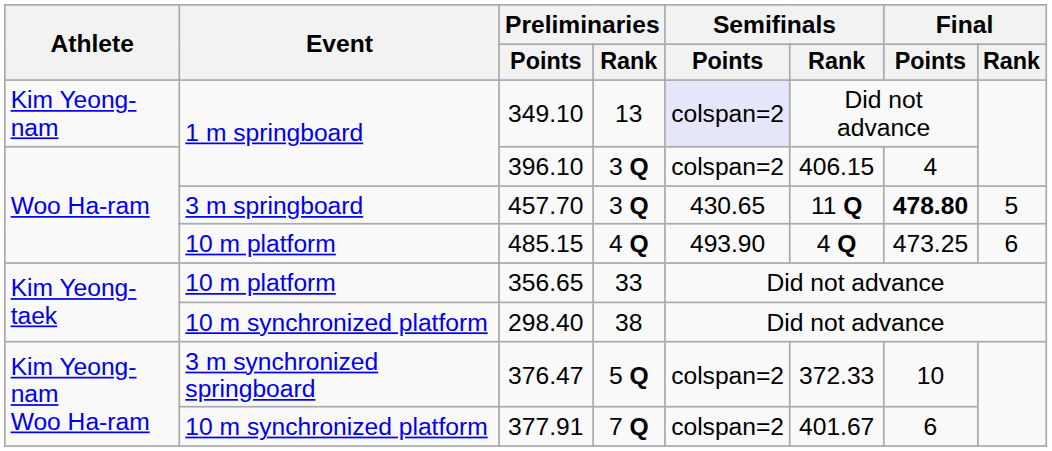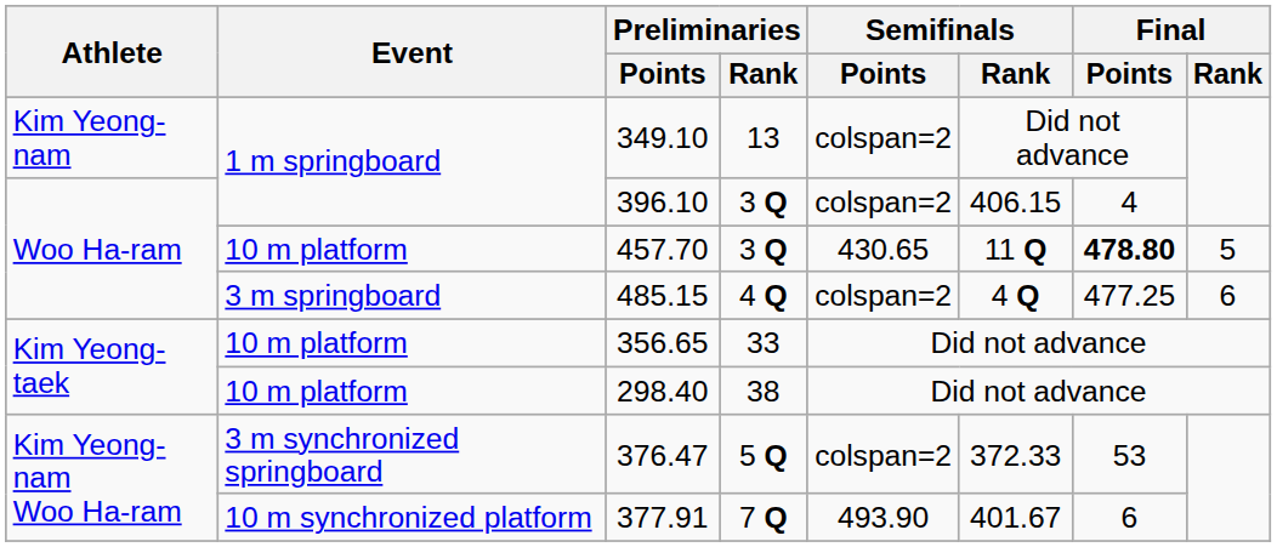 <table class="wikitable" style="text-align:center; font-size:90%">
 <tr>
 <th rowspan="2">Athlete</th>
 <th rowspan="2">Event</th>
 <th colspan="2">Preliminaries</th>
 <th colspan="2">Semifinals</th>
 <th colspan="2">Final</th>
 </tr>
 <tr style="font-size:95%">
 <th>Points</th>
 <th>Rank</th>
 <th>Points</th>
 <th>Rank</th>
 <th>Points</th>
 <th>Rank</th>
 </tr>
 <tr>
 <td align=left><a href='#'>Kim Yeong-nam</a></td>
 <td align=left rowspan=2><a href='#'>1 m springboard</a></td>
 <td>349.10</td>
 <td>13</td>
-<td style="background: lavender;">colspan=2 </td>
+<td>colspan=2 </td>
 <td colspan=2>Did not advance</td>
 </tr>
 <tr>
 <td align=left rowspan=3><a href='#'>Woo Ha-ram</a></td>
 <td>396.10</td>
 <td>3 <strong>Q</strong></td>
 <td>colspan=2 </td>
 <td>406.15</td>
 <td>4</td>
 </tr>
 <tr>
-<td align="left"><a href='#'>3 m springboard</a></td>
+<td align="left"><a href='#'>10 m platform</a></td>
 <td>457.70</td>
 <td>3 <strong>Q</strong></td>
 <td>430.65</td>
 <td>11 <strong>Q</strong></td>
 <td><strong>478.80</strong></td>
 <td>5</td>
 </tr>
 <tr>
-<td align="left"><a href='#'>10 m platform</a></td>
+<td align="left"><a href='#'>3 m springboard</a></td>
 <td>485.15</td>
 <td>4 <strong>Q</strong></td>
-<td>493.90</td>
+<td>colspan=2 </td>
 <td>4 <strong>Q</strong></td>
-<td>473.25</td>
+<td>477.25</td>
 <td>6</td>
 </tr>
 <tr>
 <td align=left rowspan=2><a href='#'>Kim Yeong-taek</a></td>
 <td align="left"><a href='#'>10 m platform</a></td>
 <td>356.65</td>
 <td>33</td>
 <td colspan=4>Did not advance</td>
 </tr>
 <tr>
-<td align="left"><a href='#'>10 m synchronized platform</a></td>
+<td align="left"><a href='#'>10 m platform</a></td>
 <td>298.40</td>
 <td>38</td>
 <td colspan=4>Did not advance</td>
 </tr>
 <tr>
 <td align="left" rowspan=2><a href='#'>Kim Yeong-nam</a><br><a href='#'>Woo Ha-ram</a></td>
 <td align="left"><a href='#'>3 m synchronized springboard</a></td>
 <td>376.47</td>
 <td>5 <strong>Q</strong></td>
 <td>colspan=2 </td>
 <td>372.33</td>
-<td>10</td>
+<td>53</td>
 </tr>
 <tr>
 <td align="left"><a href='#'>10 m synchronized platform</a></td>
 <td>377.91</td>
 <td>7 <strong>Q</strong></td>
-<td>colspan=2 </td>
+<td>493.90</td>
 <td>401.67</td>
 <td>6</td>
 </tr>
 </table>
